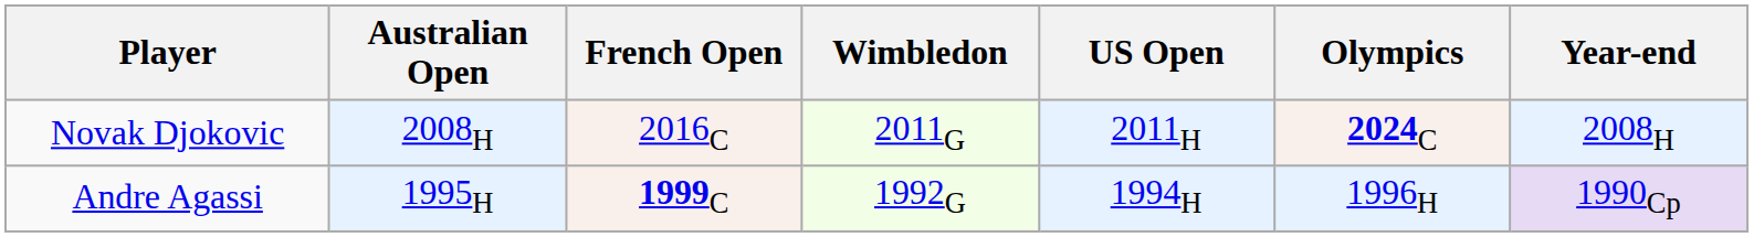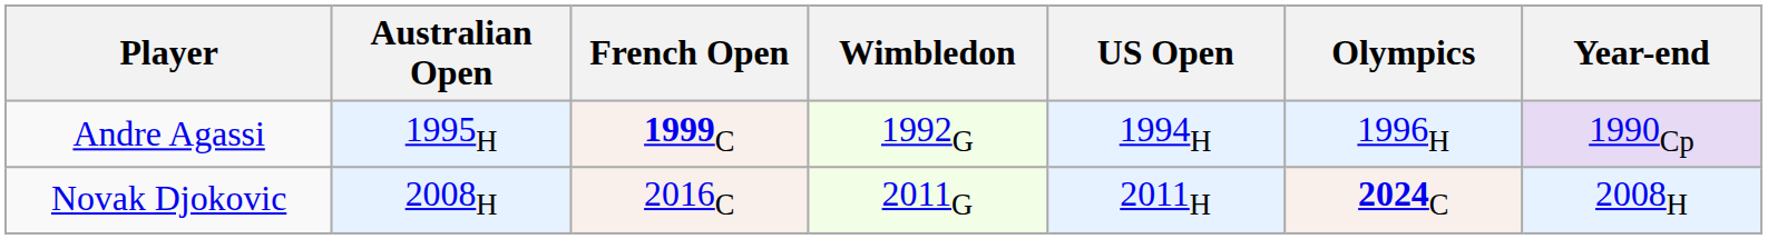 <table class="wikitable nowrap col1left" style="text-align: center">
 <tr>
 <th width=140;>Player</th>
 <th width=100;>Australian Open</th>
 <th width=100;>French Open</th>
 <th width=100;>Wimbledon</th>
 <th width=100;>US Open</th>
 <th width=100;>Olympics</th>
 <th width=100;>Year-end</th>
 </tr>
 <tr>
+<td> <a href='#'>Andre Agassi</a></td>
+<td style="background: #e6f2ff;"><a href='#'>1995</a><sub>H</sub></td>
+<td style="background: #f9f0eb;"><strong><a href='#'>1999</a></strong><sub>C</sub></td>
+<td style="background: #f2ffe6;"><a href='#'>1992</a><sub>G</sub></td>
+<td style="background: #e6f2ff;"><a href='#'>1994</a><sub>H</sub></td>
+<td style="background: #e6f2ff;"><a href='#'>1996</a><sub>H</sub></td>
+<td style="background: #e7daf4;"><a href='#'>1990</a><sub>Cp</sub></td>
+</tr>
+<tr>
 <td> <a href='#'>Novak Djokovic</a></td>
 <td style="background: #e6f2ff;"><a href='#'>2008</a><sub>H</sub></td>
 <td style="background: #f9f0eb;"><a href='#'>2016</a><sub>C</sub></td>
 <td style="background: #f2ffe6;"><a href='#'>2011</a><sub>G</sub></td>
 <td style="background: #e6f2ff;"><a href='#'>2011</a><sub>H</sub></td>
 <td style="background: #f9f0eb;"><strong><a href='#'>2024</a></strong><sub>C</sub></td>
 <td style="background: #e6f2ff;"><a href='#'>2008</a><sub>H</sub></td>
 </tr>
-<tr>
-<td> <a href='#'>Andre Agassi</a></td>
-<td style="background: #e6f2ff;"><a href='#'>1995</a><sub>H</sub></td>
-<td style="background: #f9f0eb;"><strong><a href='#'>1999</a></strong><sub>C</sub></td>
-<td style="background: #f2ffe6;"><a href='#'>1992</a><sub>G</sub></td>
-<td style="background: #e6f2ff;"><a href='#'>1994</a><sub>H</sub></td>
-<td style="background: #e6f2ff;"><a href='#'>1996</a><sub>H</sub></td>
-<td style="background: #e7daf4;"><a href='#'>1990</a><sub>Cp</sub></td>
-</tr>
 </table>
